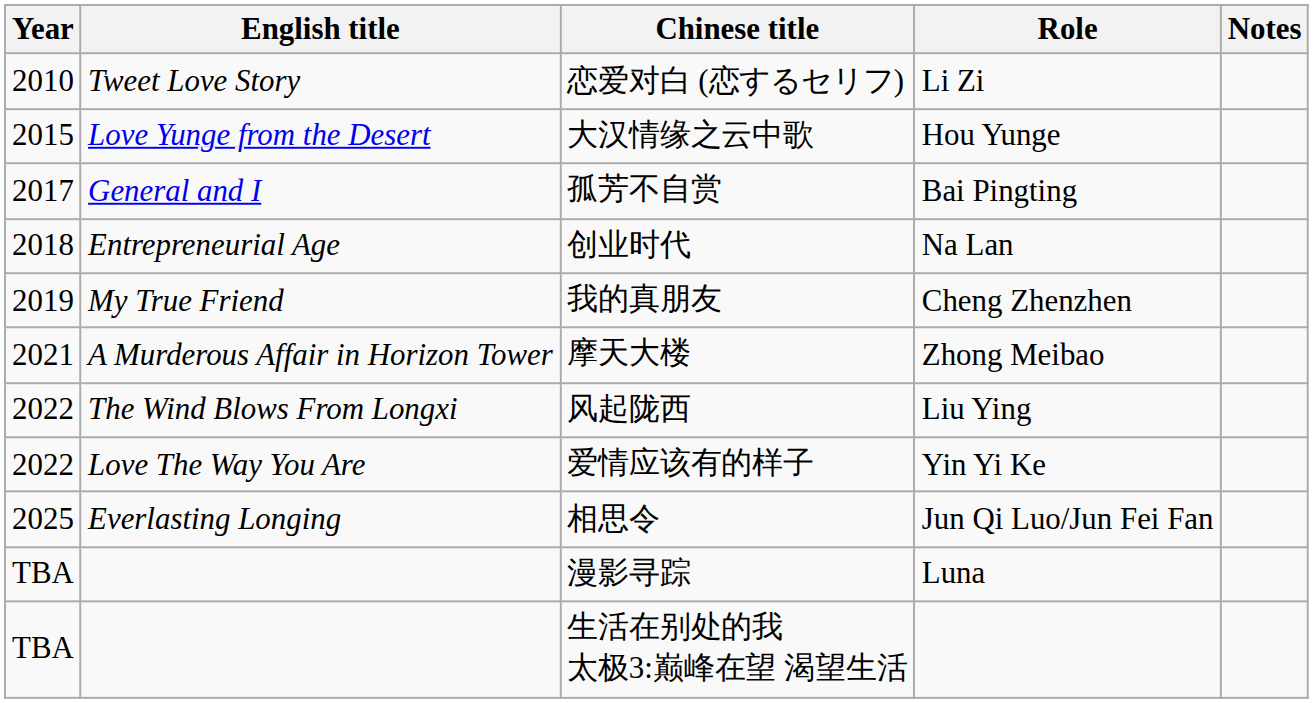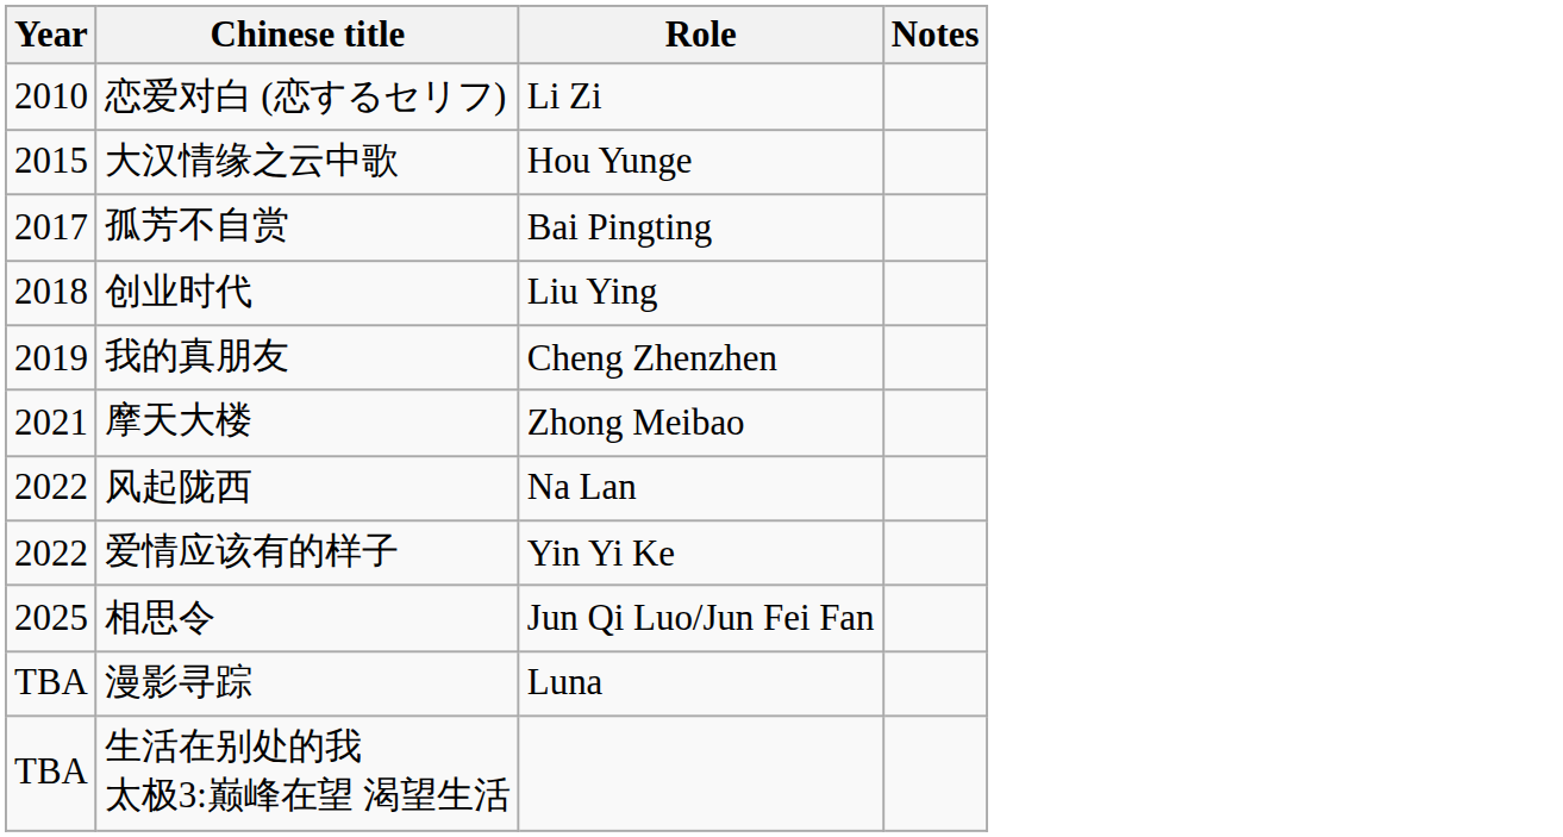 <table class="wikitable">
 <tr>
 <th>Year</th>
-<th>English title</th>
 <th>Chinese title</th>
 <th>Role</th>
 <th>Notes</th>
 </tr>
 <tr>
 <td>2010</td>
-<td><em>Tweet Love Story</em></td>
 <td>恋爱对白 (恋するセリフ)</td>
 <td>Li Zi</td>
 <td></td>
 </tr>
 <tr>
 <td>2015</td>
-<td><em><a href='#'>Love Yunge from the Desert</a></em></td>
 <td>大汉情缘之云中歌</td>
 <td>Hou Yunge</td>
 <td></td>
 </tr>
 <tr>
 <td>2017</td>
-<td><em><a href='#'>General and I</a></em></td>
 <td>孤芳不自赏</td>
 <td>Bai Pingting</td>
 <td></td>
 </tr>
 <tr>
 <td>2018</td>
-<td><em>Entrepreneurial Age</em></td>
 <td>创业时代</td>
-<td>Na Lan</td>
+<td>Liu Ying</td>
 <td></td>
 </tr>
 <tr>
 <td>2019</td>
-<td><em>My True Friend</em></td>
 <td>我的真朋友</td>
 <td>Cheng Zhenzhen</td>
 <td></td>
 </tr>
 <tr>
 <td>2021</td>
-<td><em>A Murderous Affair in Horizon Tower</em></td>
 <td>摩天大楼</td>
 <td>Zhong Meibao</td>
 <td></td>
 </tr>
 <tr>
 <td>2022</td>
-<td><em>The Wind Blows From Longxi</em></td>
 <td>风起陇西</td>
-<td>Liu Ying</td>
+<td>Na Lan</td>
 <td></td>
 </tr>
 <tr>
 <td>2022</td>
-<td><em>Love The Way You Are</em></td>
 <td>爱情应该有的样子</td>
 <td>Yin Yi Ke</td>
 <td></td>
 </tr>
 <tr>
 <td>2025</td>
-<td><em>Everlasting Longing</em></td>
 <td>相思令</td>
 <td>Jun Qi Luo/Jun Fei Fan</td>
 <td></td>
 </tr>
 <tr>
 <td>TBA</td>
-<td></td>
 <td>漫影寻踪</td>
 <td>Luna</td>
 <td></td>
 </tr>
 <tr>
 <td>TBA</td>
-<td></td>
 <td>生活在别处的我<br>太极3:巅峰在望 渴望生活</td>
 <td></td>
 <td></td>
 </tr>
 </table>
